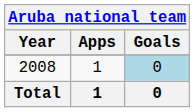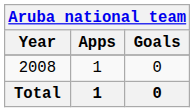 <table class="wikitable" style="text-align:center">
 <tr>
 <th colspan=3><a href='#'>Aruba national team</a></th>
 </tr>
 <tr>
 <th>Year</th>
 <th>Apps</th>
 <th>Goals</th>
 </tr>
 <tr>
 </tr>
 <tr>
 <td>2008</td>
 <td>1</td>
-<td style="background: lightblue;">0</td>
+<td>0</td>
 </tr>
 <tr>
 <th>Total</th>
 <th>1</th>
 <th>0</th>
 </tr>
 </table>
